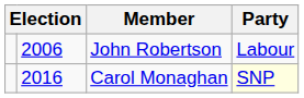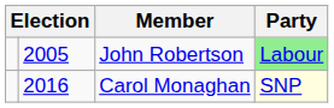 <table class="wikitable">
 <tr>
 <th colspan="2">Election</th>
 <th>Member</th>
 <th>Party</th>
 </tr>
 <tr>
 <td style="color:inherit;background-color: "></td>
-<td><a href='#'>2006</a></td>
+<td><a href='#'>2005</a></td>
 <td><a href='#'>John Robertson</a></td>
-<td><a href='#'>Labour</a></td>
+<td style="background: lightgreen;"><a href='#'>Labour</a></td>
 </tr>
 <tr>
 <td style="color:inherit;background-color: "></td>
 <td><a href='#'>2016</a></td>
 <td><a href='#'>Carol Monaghan</a></td>
 <td style="background: lightyellow;"><a href='#'>SNP</a></td>
 </tr>
 </table>
